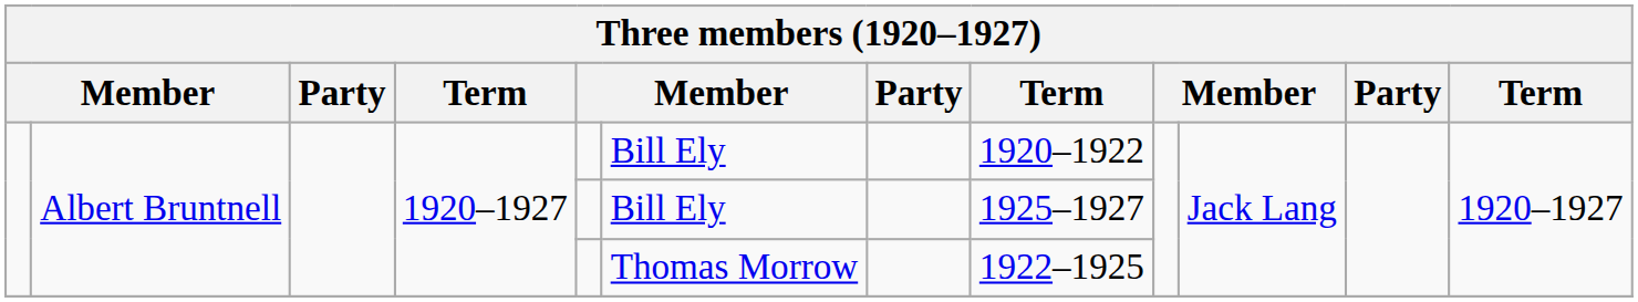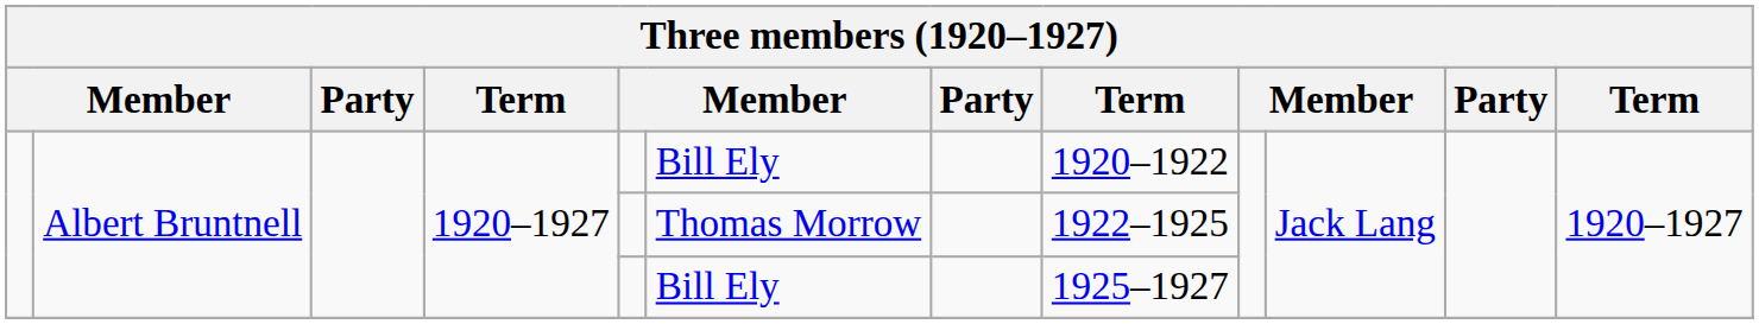 <table class="wikitable">
 <tr>
 <th colspan="12">Three members (1920–1927)</th>
 </tr>
 <tr>
 <th colspan="2">Member</th>
 <th>Party</th>
 <th>Term</th>
 <th colspan="2">Member</th>
 <th>Party</th>
 <th>Term</th>
 <th colspan="2">Member</th>
 <th>Party</th>
 <th>Term</th>
 </tr>
 <tr>
 <td rowspan="3" > </td>
 <td rowspan="3"><a href='#'>Albert Bruntnell</a></td>
 <td rowspan="3"></td>
 <td rowspan="3"><a href='#'>1920</a>–1927</td>
 <td> </td>
 <td><a href='#'>Bill Ely</a></td>
 <td></td>
 <td><a href='#'>1920</a>–1922</td>
 <td rowspan="3" > </td>
 <td rowspan="3"><a href='#'>Jack Lang</a></td>
 <td rowspan="3"></td>
 <td rowspan="3"><a href='#'>1920</a>–1927</td>
 </tr>
 <tr>
 <td> </td>
+<td><a href='#'>Thomas Morrow</a></td>
+<td></td>
+<td><a href='#'>1922</a>–1925</td>
+</tr>
+<tr>
+<td> </td>
 <td><a href='#'>Bill Ely</a></td>
 <td></td>
 <td><a href='#'>1925</a>–1927</td>
 </tr>
 <tr>
-<td> </td>
-<td><a href='#'>Thomas Morrow</a></td>
-<td></td>
-<td><a href='#'>1922</a>–1925</td>
-</tr>
-<tr>
 </tr>
 </table>
